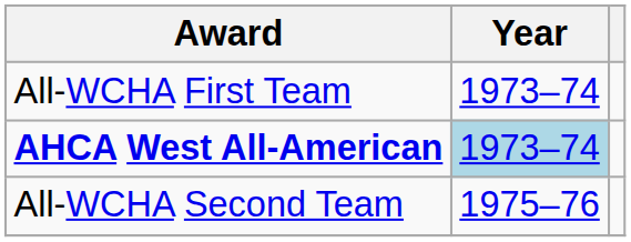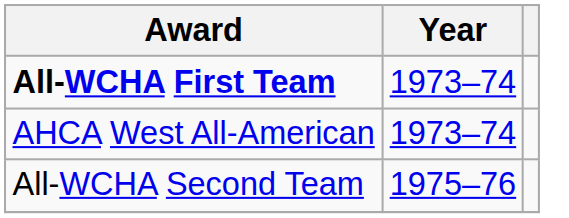 <table class="wikitable">
 <tr>
 <th>Award</th>
 <th>Year</th>
 <th></th>
 </tr>
 <tr>
-<td>All-<a href='#'>WCHA</a> <a href='#'>First Team</a></td>
+<td><strong>All-<a href='#'>WCHA</a> <a href='#'>First Team</a></strong></td>
 <td><a href='#'>1973–74</a></td>
 <td></td>
 </tr>
 <tr>
-<td><strong><a href='#'>AHCA</a> <a href='#'>West All-American</a></strong></td>
-<td style="background: lightblue;"><a href='#'>1973–74</a></td>
+<td><a href='#'>AHCA</a> <a href='#'>West All-American</a></td>
+<td><a href='#'>1973–74</a></td>
 <td></td>
 </tr>
 <tr>
 <td>All-<a href='#'>WCHA</a> <a href='#'>Second Team</a></td>
 <td><a href='#'>1975–76</a></td>
 <td></td>
 </tr>
 <tr>
 </tr>
 </table>
